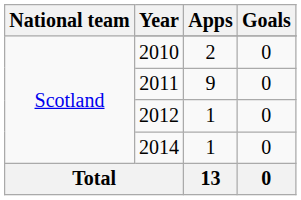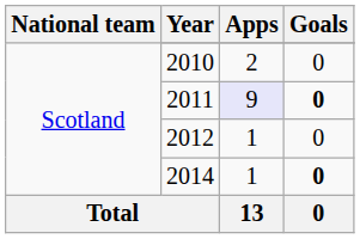 <table class="wikitable" style="text-align: center">
 <tr>
 <th>National team</th>
 <th>Year</th>
 <th>Apps</th>
 <th>Goals</th>
 </tr>
 <tr>
 <td rowspan=5><a href='#'>Scotland</a></td>
 </tr>
 <tr>
 <td>2010</td>
 <td>2</td>
 <td>0</td>
 </tr>
 <tr>
 <td>2011</td>
-<td>9</td>
-<td>0</td>
+<td style="background: lavender;">9</td>
+<td><strong>0</strong></td>
 </tr>
 <tr>
 <td>2012</td>
 <td>1</td>
 <td>0</td>
 </tr>
 <tr>
 <td>2014</td>
 <td>1</td>
-<td>0</td>
+<td><strong>0</strong></td>
 </tr>
 <tr>
 <th colspan=2>Total</th>
 <th>13</th>
 <th>0</th>
 </tr>
 </table>
